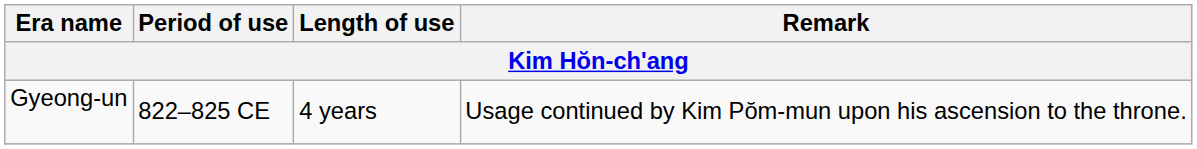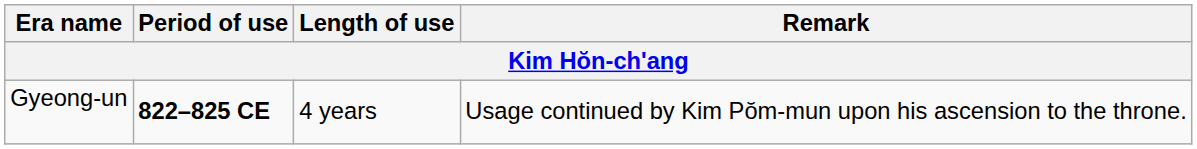 <table class="wikitable">
 <tr>
 <th>Era name</th>
 <th>Period of use</th>
 <th>Length of use</th>
 <th>Remark</th>
 </tr>
 <tr>
 <th colspan="4"><a href='#'>Kim Hŏn-ch'ang</a><br></th>
 </tr>
 <tr>
 <td>Gyeong-un<br><br></td>
-<td>822–825 CE</td>
+<td><strong>822–825 CE</strong></td>
 <td>4 years</td>
 <td>Usage continued by Kim Pŏm-mun upon his ascension to the throne.</td>
 </tr>
 </table>
